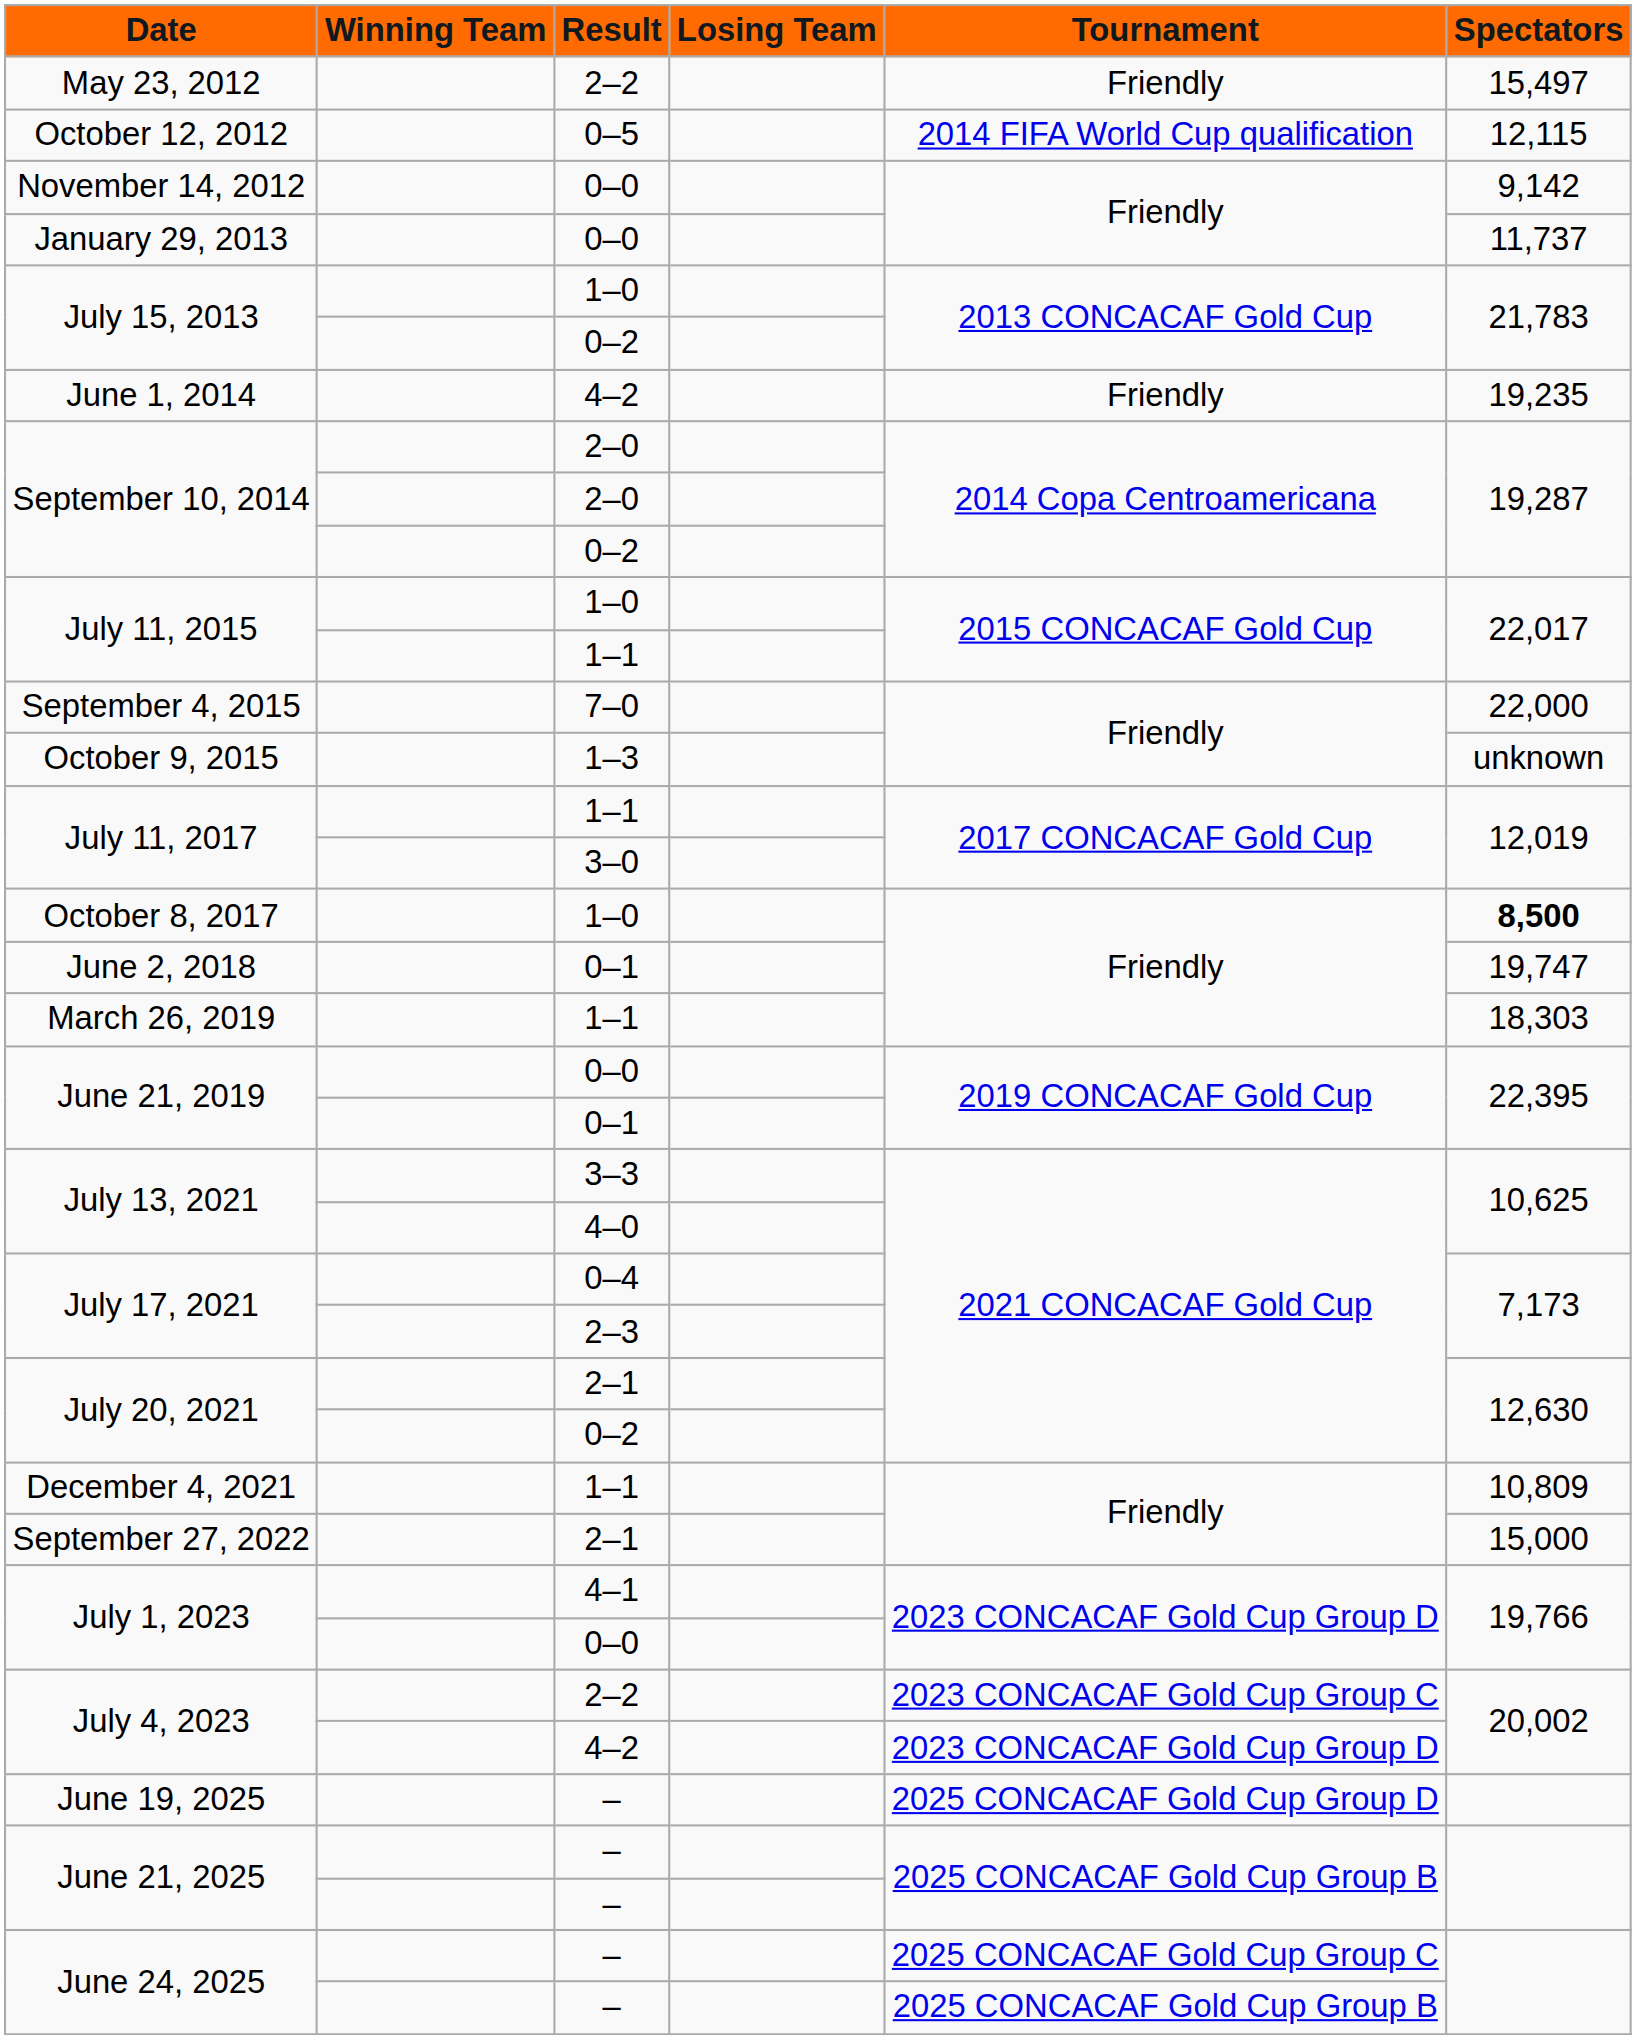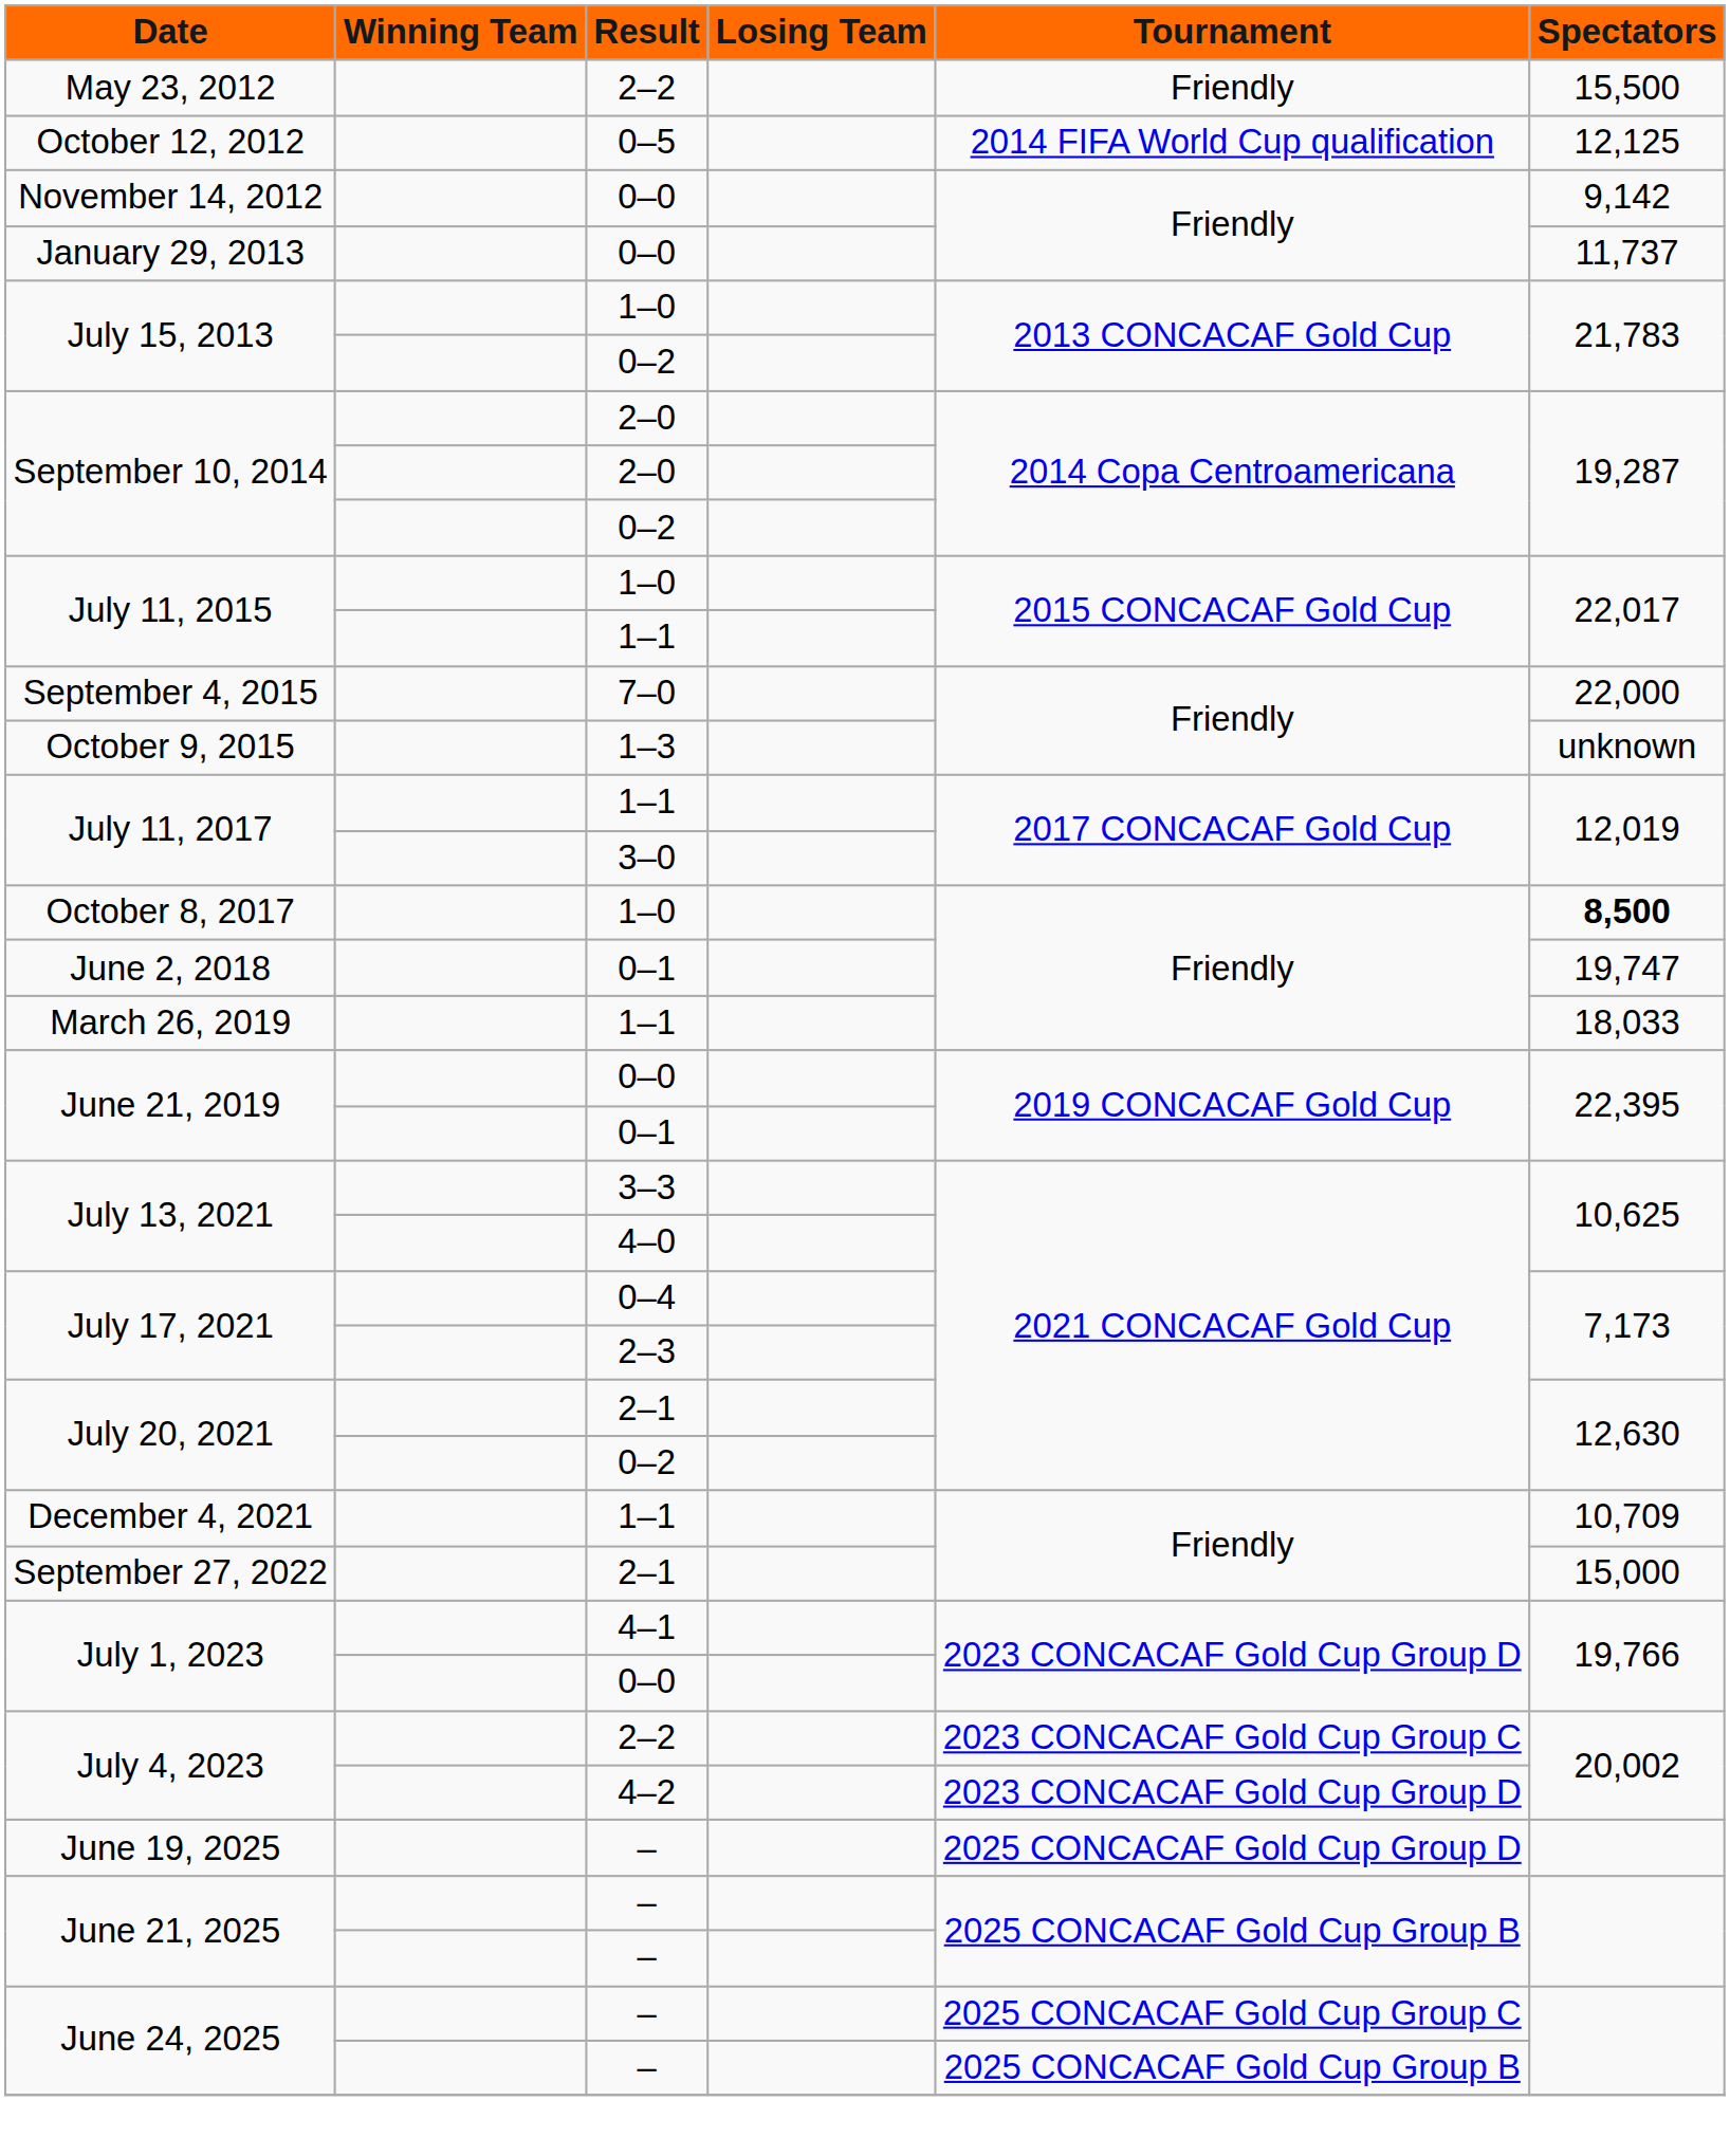 <table class="wikitable" style="text-align:center">
 <tr>
 <th style="text-align:center; background:#FF6B00; color:#101820; ">Date</th>
 <th style="text-align:center; background:#FF6B00; color:#101820; ">Winning Team</th>
 <th style="text-align:center; background:#FF6B00; color:#101820; ">Result</th>
 <th style="text-align:center; background:#FF6B00; color:#101820; ">Losing Team</th>
 <th style="text-align:center; background:#FF6B00; color:#101820; ">Tournament</th>
 <th style="text-align:center; background:#FF6B00; color:#101820; ">Spectators</th>
 </tr>
 <tr>
 <td>May 23, 2012</td>
 <td></td>
 <td style="text-align:center;">2–2</td>
 <td></td>
 <td>Friendly</td>
-<td style="text-align:center;">15,497</td>
+<td style="text-align:center;">15,500</td>
 </tr>
 <tr>
 <td>October 12, 2012</td>
 <td></td>
 <td style="text-align:center;">0–5</td>
 <td></td>
 <td><a href='#'>2014 FIFA World Cup qualification</a></td>
-<td style="text-align:center;">12,115</td>
+<td style="text-align:center;">12,125</td>
 </tr>
 <tr>
 <td>November 14, 2012</td>
 <td></td>
 <td style="text-align:Center;">0–0</td>
 <td></td>
 <td rowspan=2>Friendly</td>
 <td style="text-align:center;">9,142</td>
 </tr>
 <tr>
 <td>January 29, 2013</td>
 <td></td>
 <td style="text-align:center;">0–0</td>
 <td></td>
 <td style="text-align:center;">11,737</td>
 </tr>
 <tr>
 <td rowspan="2">July 15, 2013</td>
 <td></td>
 <td style="text-align:center;">1–0</td>
 <td></td>
 <td rowspan="2"><a href='#'>2013 CONCACAF Gold Cup</a></td>
 <td rowspan=2 style="text-align:center;">21,783</td>
 </tr>
 <tr>
 <td></td>
 <td style="text-align:center;">0–2</td>
 <td></td>
-</tr>
-<tr>
-<td>June 1, 2014</td>
-<td></td>
-<td style="text-align:center;">4–2</td>
-<td></td>
-<td>Friendly</td>
-<td style="text-align:center;">19,235</td>
 </tr>
 <tr>
 <td rowspan="3">September 10, 2014</td>
 <td></td>
 <td style="text-align:center;">2–0</td>
 <td></td>
 <td rowspan="3"><a href='#'>2014 Copa Centroamericana</a></td>
 <td rowspan=3 style="text-align:center;">19,287</td>
 </tr>
 <tr>
 <td></td>
 <td style="text-align:center;">2–0</td>
 <td></td>
 </tr>
 <tr>
 <td></td>
 <td style="text-align:center;">0–2</td>
 <td></td>
 </tr>
 <tr>
 <td rowspan="2">July 11, 2015</td>
 <td></td>
 <td style="text-align:center;">1–0</td>
 <td></td>
 <td rowspan="2"><a href='#'>2015 CONCACAF Gold Cup</a></td>
 <td rowspan=2 style="text-align:center;">22,017</td>
 </tr>
 <tr>
 <td></td>
 <td style="text-align:center;">1–1</td>
 <td></td>
 </tr>
 <tr>
 <td>September 4, 2015</td>
 <td></td>
 <td style="text-align:center;">7–0</td>
 <td></td>
 <td rowspan=2>Friendly</td>
 <td style="text-align:center;">22,000</td>
 </tr>
 <tr>
 <td>October 9, 2015</td>
 <td></td>
 <td style="text-align:center;">1–3</td>
 <td></td>
 <td>unknown</td>
 </tr>
 <tr>
 <td rowspan="2">July 11, 2017</td>
 <td></td>
 <td style="text-align:center;">1–1</td>
 <td></td>
 <td rowspan="2"><a href='#'>2017 CONCACAF Gold Cup</a></td>
 <td rowspan=2 style="text-align:center;">12,019</td>
 </tr>
 <tr>
 <td></td>
 <td style="text-align:center;">3–0</td>
 <td></td>
 </tr>
 <tr>
 <td>October 8, 2017</td>
 <td></td>
 <td style="text-align:center;">1–0</td>
 <td></td>
 <td rowspan=3>Friendly</td>
 <td styl="text-align:center;"><strong>8,500</strong></td>
 </tr>
 <tr>
 <td>June 2, 2018</td>
 <td></td>
 <td style="text-align:center;">0–1</td>
 <td></td>
 <td style="text-align:center;">19,747</td>
 </tr>
 <tr>
 <td>March 26, 2019</td>
 <td></td>
 <td style="text-align:center;">1–1</td>
 <td></td>
-<td>18,303</td>
+<td>18,033</td>
 </tr>
 <tr>
 <td rowspan="2">June 21, 2019</td>
 <td></td>
 <td style="text-align:center;">0–0</td>
 <td></td>
 <td rowspan="2"><a href='#'>2019 CONCACAF Gold Cup</a></td>
 <td rowspan=2 style="text-align:center;">22,395</td>
 </tr>
 <tr>
 <td></td>
 <td style="text-align:center;">0–1</td>
 <td></td>
 </tr>
 <tr>
 <td rowspan="2">July 13, 2021</td>
 <td></td>
 <td style="text-align:center;">3–3</td>
 <td></td>
 <td rowspan="6"><a href='#'>2021 CONCACAF Gold Cup</a></td>
 <td rowspan=2 style="text-align:center;">10,625</td>
 </tr>
 <tr>
 <td></td>
 <td style="text-align:center;">4–0</td>
 <td></td>
 </tr>
 <tr>
 <td rowspan="2">July 17, 2021</td>
 <td></td>
 <td style="text-align:center;">0–4</td>
 <td></td>
 <td rowspan=2 style="text-align:center;">7,173</td>
 </tr>
 <tr>
 <td></td>
 <td style="text-align:center;">2–3</td>
 <td></td>
 </tr>
 <tr>
 <td rowspan="2">July 20, 2021</td>
 <td></td>
 <td style="text-align:center;">2–1</td>
 <td></td>
 <td rowspan=2 style="text-align:center;">12,630</td>
 </tr>
 <tr>
 <td></td>
 <td style="text-align:center;">0–2</td>
 <td></td>
 </tr>
 <tr>
 <td>December 4, 2021</td>
 <td></td>
 <td style="text-align:center;">1–1</td>
 <td></td>
 <td rowspan=2>Friendly</td>
-<td style="text-align:center;">10,809</td>
+<td style="text-align:center;">10,709</td>
 </tr>
 <tr>
 <td>September 27, 2022</td>
 <td></td>
 <td style="text-align:center;">2–1</td>
 <td></td>
 <td style="text-align:center;">15,000</td>
 </tr>
 <tr>
 <td rowspan=2>July 1, 2023</td>
 <td></td>
 <td style="text-align:center;">4–1</td>
 <td></td>
 <td rowspan=2><a href='#'>2023 CONCACAF Gold Cup Group D</a></td>
 <td rowspan=2 style="text-align:center;">19,766</td>
 </tr>
 <tr>
 <td></td>
 <td style="text-align:center;">0–0</td>
 <td></td>
 </tr>
 <tr>
 <td rowspan=2>July 4, 2023</td>
 <td></td>
 <td style="text-align:center;">2–2</td>
 <td></td>
 <td><a href='#'>2023 CONCACAF Gold Cup Group C</a></td>
 <td rowspan=2 style="text-align:center;">20,002</td>
 </tr>
 <tr>
 <td></td>
 <td style="text-align:center;">4–2</td>
 <td></td>
 <td><a href='#'>2023 CONCACAF Gold Cup Group D</a></td>
 </tr>
 <tr>
 <td>June 19, 2025</td>
 <td></td>
 <td style="text-align:center;">–</td>
 <td></td>
 <td><a href='#'>2025 CONCACAF Gold Cup Group D</a></td>
 <td></td>
 </tr>
 <tr>
 <td rowspan=2>June 21, 2025</td>
 <td></td>
 <td style="text-align:center;">–</td>
 <td></td>
 <td rowspan=2><a href='#'>2025 CONCACAF Gold Cup Group B</a></td>
 <td rowspan=2 style="text-align:center;"></td>
 </tr>
 <tr>
 <td></td>
 <td style="text-align:center;">–</td>
 <td></td>
 </tr>
 <tr>
 <td rowspan=2>June 24, 2025</td>
 <td></td>
 <td style="text-align:center;">–</td>
 <td></td>
 <td><a href='#'>2025 CONCACAF Gold Cup Group C</a></td>
 <td rowspan=2 style="text-align:center;"></td>
 </tr>
 <tr>
 <td></td>
 <td style="text-align:center;">–</td>
 <td></td>
 <td><a href='#'>2025 CONCACAF Gold Cup Group B</a></td>
 </tr>
 <tr>
 </tr>
 </table>
